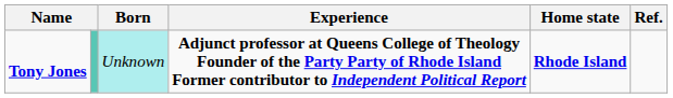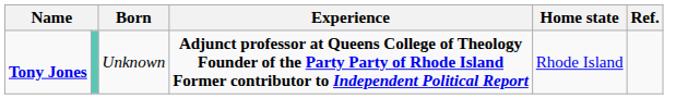 <table class="wikitable sortable" style="text-align:center;">
 <tr>
 <th colspan="2" scope="col">Name</th>
 <th scope="col">Born</th>
 <th class="unsortable" scope="col">Experience</th>
 <th scope="col">Home state</th>
 <th scope="col">Ref.</th>
 </tr>
 <tr>
 <td data-sort-value="Jones, Tony" scope="row"><br><strong><a href='#'>Tony Jones</a></strong></td>
 <td style="background:#58c7b5;"></td>
-<td style="background: paleturquoise;"><em>Unknown</em></td>
+<td><em>Unknown</em></td>
 <td><strong>Adjunct professor at Queens College of Theology<br> Founder of the <a href='#'>Party Party of Rhode Island</a> <br> Former contributor to <em><a href='#'>Independent Political Report</a><strong><em></td>
-<td><strong><a href='#'>Rhode Island</a></strong></td>
+<td><a href='#'>Rhode Island</a></td>
 <td></td>
 </tr>
 </table>
